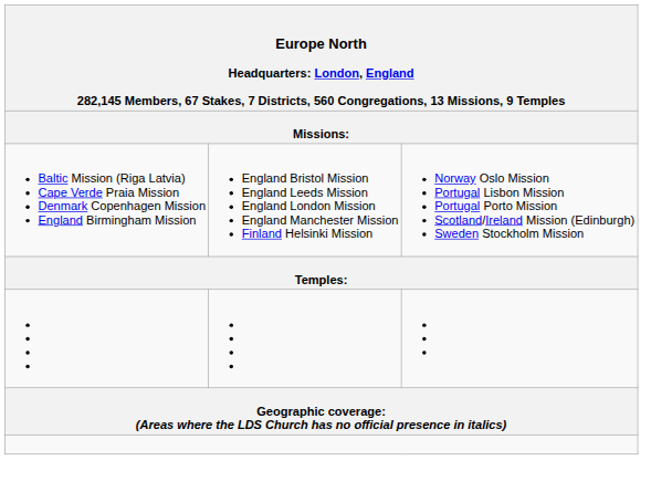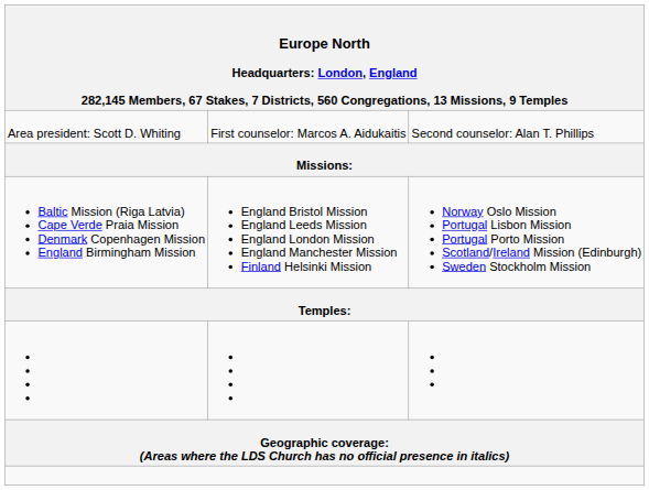 <table class=wikitable>
 <tr>
 <th colspan=3><br><h3>Europe North</h3>Headquarters: <a href='#'>London</a>, <a href='#'>England</a><br><br>282,145 Members, 67 Stakes, 7 Districts, 560 Congregations, 13 Missions, 9 Temples</th>
+</tr>
+<tr>
+<td style="vertical-align:top"><br>Area president: Scott D. Whiting</td>
+<td style="vertical-align:top"><br>First counselor: Marcos A. Aidukaitis</td>
+<td style="vertical-align:top"><br>Second counselor: Alan T. Phillips</td>
 </tr>
 <tr>
 <th colspan=3><br>Missions:</th>
 </tr>
 <tr>
 <td style="vertical-align:top"><br><ul><li><a href='#'>Baltic</a> Mission (Riga Latvia)</li><li><a href='#'>Cape Verde</a> Praia Mission</li><li><a href='#'>Denmark</a> Copenhagen Mission</li><li><a href='#'>England</a> Birmingham Mission</li></ul></td>
 <td style="vertical-align:top"><br><ul><li>England Bristol Mission</li><li>England Leeds Mission</li><li>England London Mission</li><li>England Manchester Mission</li><li><a href='#'>Finland</a> Helsinki Mission</li></ul></td>
 <td style="vertical-align:top"><br><ul><li><a href='#'>Norway</a> Oslo Mission</li><li><a href='#'>Portugal</a> Lisbon Mission</li><li><a href='#'>Portugal</a> Porto Mission</li><li><a href='#'>Scotland</a>/<a href='#'>Ireland</a> Mission (Edinburgh)</li><li><a href='#'>Sweden</a> Stockholm Mission</li></ul></td>
 </tr>
 <tr>
 <th colspan=3><br>Temples:</th>
 </tr>
 <tr>
 <td style="vertical-align:top"><br><ul><li></li><li></li><li></li><li></li></ul></td>
 <td style="vertical-align:top"><br><ul><li></li><li></li><li></li><li></li></ul></td>
 <td style="vertical-align:top"><br><ul><li></li><li></li><li></li></ul></td>
 </tr>
 <tr>
 <th colspan=3><br>Geographic coverage:<br><em>(Areas where the LDS Church has no official presence in italics)</em></th>
 </tr>
 <tr>
 <td style="vertical-align:top" colspan=3><br></td>
 </tr>
 </table>
